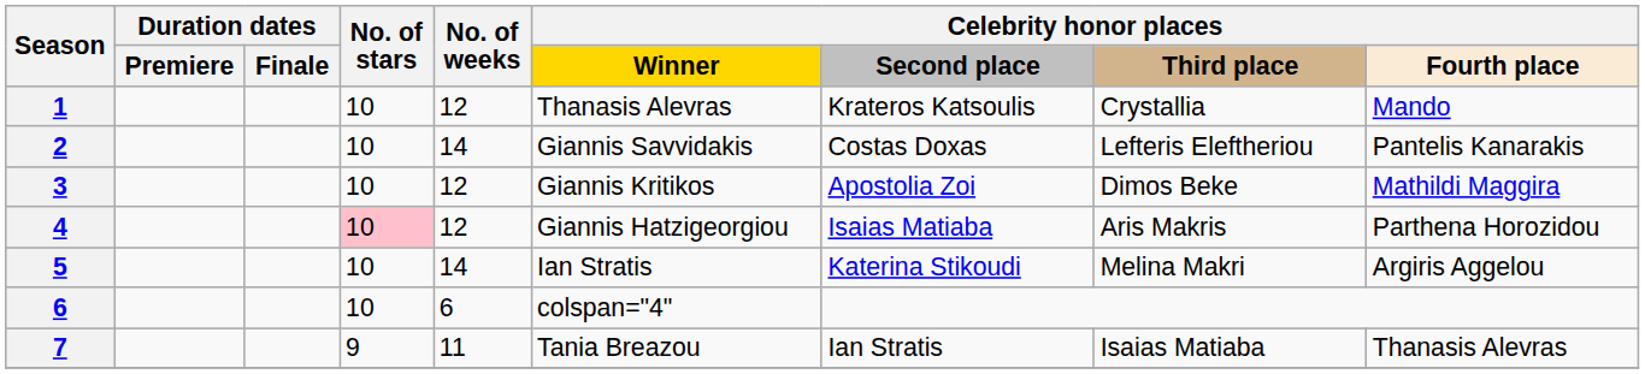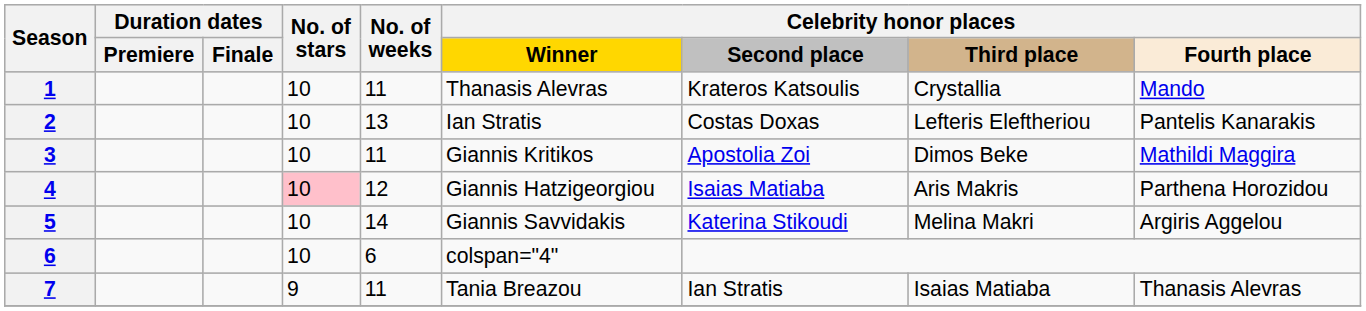 <table class="wikitable" style="white-space:nowrap; font-size:85%;">
 <tr>
 <th style="width:3%;" rowspan="2">Season</th>
 <th style="width:10%;" colspan="2">Duration dates</th>
 <th style="width:5%;" rowspan="2">No. of<br>stars</th>
 <th style="width:5%;" rowspan="2">No. of<br>weeks</th>
 <th style="width:60%;" colspan="4">Celebrity honor places</th>
 </tr>
 <tr>
 <th style="width:5%;">Premiere</th>
 <th style="width:5%;">Finale</th>
 <th style="width:15%; background:gold;">Winner</th>
 <th style="width:15%; background:silver;">Second place</th>
 <th style="width:15%; background:tan;">Third place</th>
 <th style="width:15%; background:antiquewhite;">Fourth place</th>
 </tr>
 <tr>
 <th><a href='#'>1</a></th>
 <td></td>
 <td></td>
 <td>10</td>
-<td>12</td>
+<td>11</td>
 <td>Thanasis Alevras</td>
 <td>Krateros Katsoulis</td>
 <td>Crystallia</td>
 <td><a href='#'>Mando</a></td>
 </tr>
 <tr>
 <th><a href='#'>2</a></th>
 <td></td>
 <td></td>
 <td>10</td>
-<td>14</td>
-<td>Giannis Savvidakis</td>
+<td>13</td>
+<td>Ian Stratis</td>
 <td>Costas Doxas</td>
 <td>Lefteris Eleftheriou</td>
 <td>Pantelis Kanarakis</td>
 </tr>
 <tr>
 <th><a href='#'>3</a></th>
 <td></td>
 <td></td>
 <td>10</td>
-<td>12</td>
+<td>11</td>
 <td>Giannis Kritikos</td>
 <td><a href='#'>Apostolia Zoi</a></td>
 <td>Dimos Beke</td>
 <td><a href='#'>Mathildi Maggira</a></td>
 </tr>
 <tr>
 <th><a href='#'>4</a></th>
 <td></td>
 <td></td>
 <td style="background: pink;">10</td>
 <td>12</td>
 <td>Giannis Hatzigeorgiou</td>
 <td><a href='#'>Isaias Matiaba</a></td>
 <td>Aris Makris</td>
 <td>Parthena Horozidou</td>
 </tr>
 <tr>
 <th><a href='#'>5</a></th>
 <td></td>
 <td></td>
 <td>10</td>
 <td>14</td>
-<td>Ian Stratis</td>
+<td>Giannis Savvidakis</td>
 <td><a href='#'>Katerina Stikoudi</a></td>
 <td>Melina Makri</td>
 <td>Argiris Aggelou</td>
 </tr>
 <tr>
 <th><a href='#'>6</a></th>
 <td></td>
 <td></td>
 <td>10</td>
 <td>6</td>
 <td>colspan="4" </td>
 </tr>
 <tr>
 <th><a href='#'>7</a></th>
 <td></td>
 <td></td>
 <td>9 </td>
 <td>11</td>
 <td>Tania Breazou</td>
 <td>Ian Stratis</td>
 <td>Isaias Matiaba</td>
 <td>Thanasis Alevras</td>
 </tr>
 <tr>
 </tr>
 </table>
